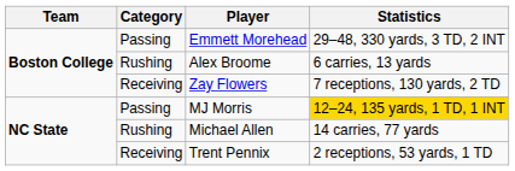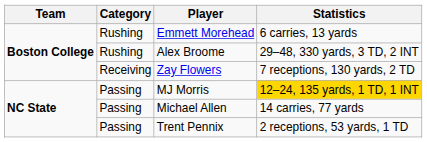 <table class="wikitable" style="float: left;">
 <tr>
 <th>Team</th>
 <th>Category</th>
 <th>Player</th>
 <th>Statistics</th>
 </tr>
 <tr>
 <td rowspan=3><strong>Boston College</strong></td>
-<td>Passing</td>
+<td>Rushing</td>
 <td><a href='#'>Emmett Morehead</a></td>
-<td>29–48, 330 yards, 3 TD, 2 INT</td>
+<td>6 carries, 13 yards</td>
 </tr>
 <tr>
 <td>Rushing</td>
 <td>Alex Broome</td>
-<td>6 carries, 13 yards</td>
+<td>29–48, 330 yards, 3 TD, 2 INT</td>
 </tr>
 <tr>
 <td>Receiving</td>
 <td><a href='#'>Zay Flowers</a></td>
 <td>7 receptions, 130 yards, 2 TD</td>
 </tr>
 <tr>
 <td rowspan=3><strong>NC State</strong></td>
 <td>Passing</td>
 <td>MJ Morris</td>
 <td style="background: gold;">12–24, 135 yards, 1 TD, 1 INT</td>
 </tr>
 <tr>
-<td>Rushing</td>
+<td>Passing</td>
 <td>Michael Allen</td>
 <td>14 carries, 77 yards</td>
 </tr>
 <tr>
-<td>Receiving</td>
+<td>Passing</td>
 <td>Trent Pennix</td>
 <td>2 receptions, 53 yards, 1 TD</td>
 </tr>
 </table>
